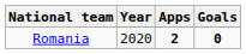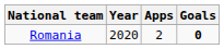 <table class="wikitable" style="text-align: center;">
 <tr>
 <th>National team</th>
 <th>Year</th>
 <th>Apps</th>
 <th>Goals</th>
 </tr>
 <tr>
 <td rowspan="2"><a href='#'>Romania</a></td>
 </tr>
 <tr>
 <td>2020</td>
-<td><strong>2</strong></td>
+<td>2</td>
 <td><strong>0</strong></td>
 </tr>
 </table>
